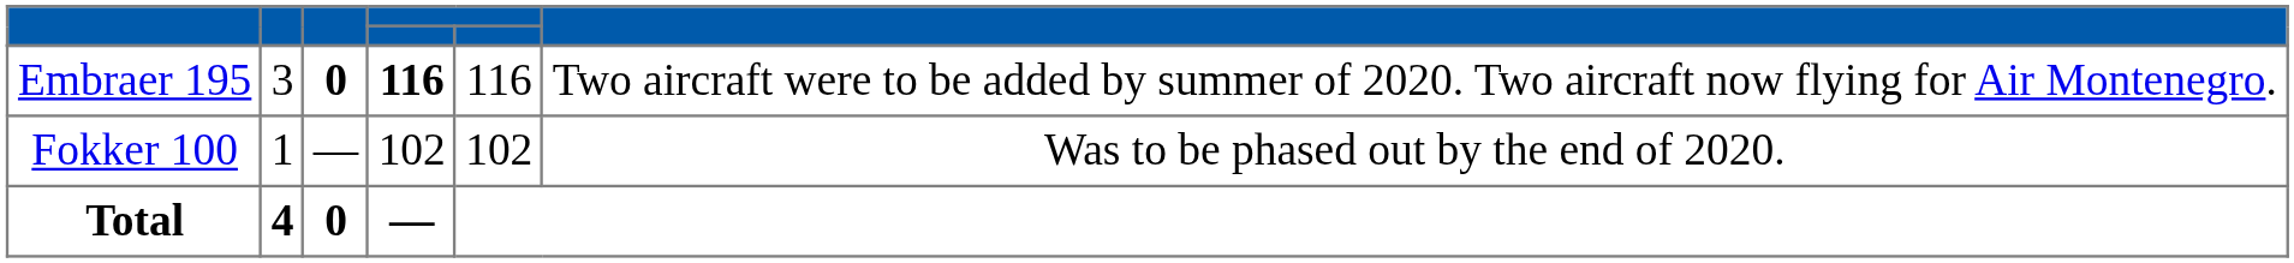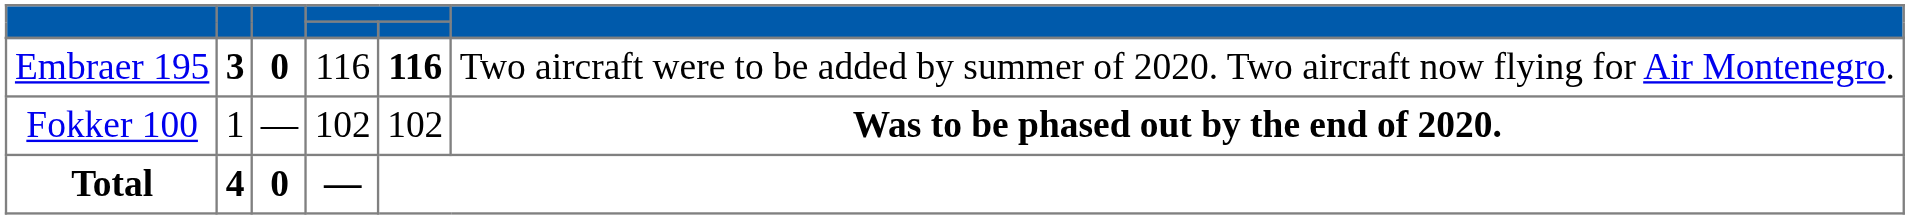 <table class="toccolours" border="1" cellpadding="3" style="border-collapse:collapse; text-align:center; margin:1em auto;">
 <tr style="background:#005aab;">
 <th rowspan="2"></th>
 <th rowspan="2"></th>
 <th rowspan="2"></th>
 <th colspan="2"></th>
 <th rowspan="2"></th>
 </tr>
 <tr style="background:#005aab;">
 <th><abbr></abbr></th>
 <th></th>
 </tr>
 <tr>
 </tr>
 <tr>
 <td><a href='#'>Embraer 195</a></td>
-<td>3</td>
+<td><strong>3</strong></td>
 <td><strong>0</strong></td>
+<td>116</td>
 <td><strong>116</strong></td>
-<td>116</td>
 <td>Two aircraft were to be added by summer of 2020. Two aircraft now flying for <a href='#'>Air Montenegro</a>.</td>
 </tr>
 <tr>
 <td><a href='#'>Fokker 100</a></td>
 <td>1</td>
 <td>—</td>
 <td>102</td>
 <td>102</td>
-<td>Was to be phased out by the end of 2020.</td>
+<td><strong>Was to be phased out by the end of 2020.</strong></td>
 </tr>
 <tr>
 <th>Total</th>
 <th>4</th>
 <th>0</th>
 <th>—</th>
 <th colspan="4"></th>
 </tr>
 </table>
